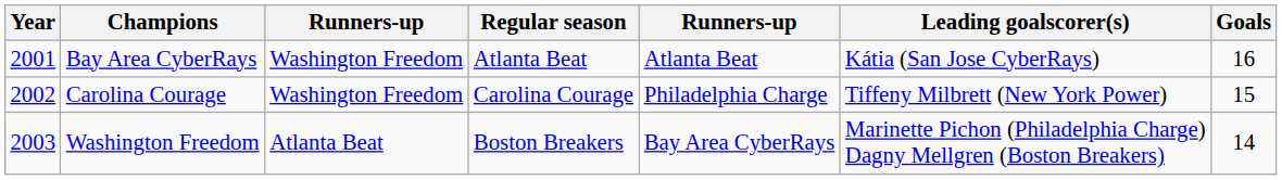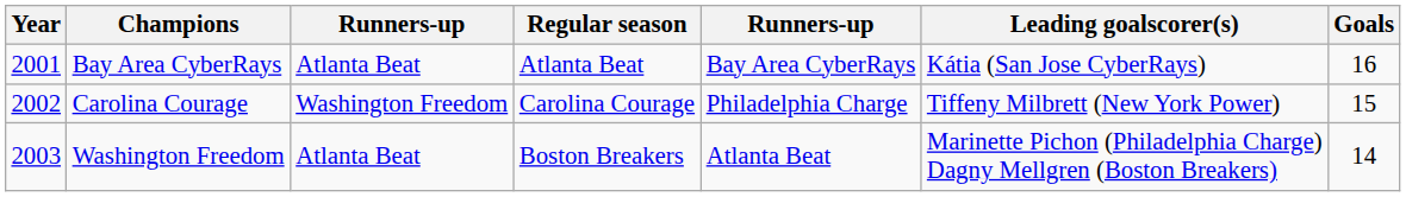 <table class="wikitable">
 <tr>
 <th>Year</th>
 <th>Champions<br></th>
 <th>Runners-up</th>
 <th>Regular season<br></th>
 <th>Runners-up</th>
 <th>Leading goalscorer(s)</th>
 <th>Goals</th>
 </tr>
 <tr>
 <td align=center><a href='#'>2001</a></td>
 <td><a href='#'>Bay Area CyberRays</a></td>
-<td><a href='#'>Washington Freedom</a></td>
 <td><a href='#'>Atlanta Beat</a></td>
 <td><a href='#'>Atlanta Beat</a></td>
+<td><a href='#'>Bay Area CyberRays</a></td>
 <td><a href='#'>Kátia</a> (<a href='#'>San Jose CyberRays</a>)</td>
 <td align=center>16</td>
 </tr>
 <tr>
 <td align=center><a href='#'>2002</a></td>
 <td><a href='#'>Carolina Courage</a></td>
 <td><a href='#'>Washington Freedom</a></td>
 <td><a href='#'>Carolina Courage</a></td>
 <td><a href='#'>Philadelphia Charge</a></td>
 <td><a href='#'>Tiffeny Milbrett</a> (<a href='#'>New York Power</a>)</td>
 <td align=center>15</td>
 </tr>
 <tr>
 <td align=center><a href='#'>2003</a></td>
 <td><a href='#'>Washington Freedom</a></td>
 <td><a href='#'>Atlanta Beat</a></td>
 <td><a href='#'>Boston Breakers</a></td>
-<td><a href='#'>Bay Area CyberRays</a></td>
+<td><a href='#'>Atlanta Beat</a></td>
 <td><a href='#'>Marinette Pichon</a> (<a href='#'>Philadelphia Charge</a>)<br><a href='#'>Dagny Mellgren</a> (<a href='#'>Boston Breakers)</a></td>
 <td align=center>14</td>
 </tr>
 </table>
